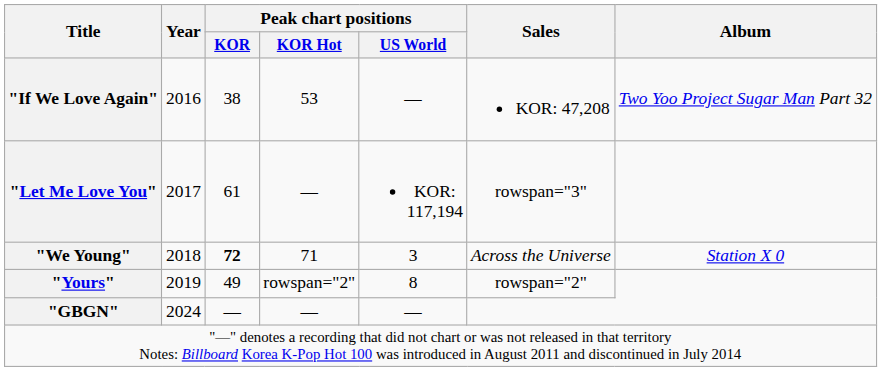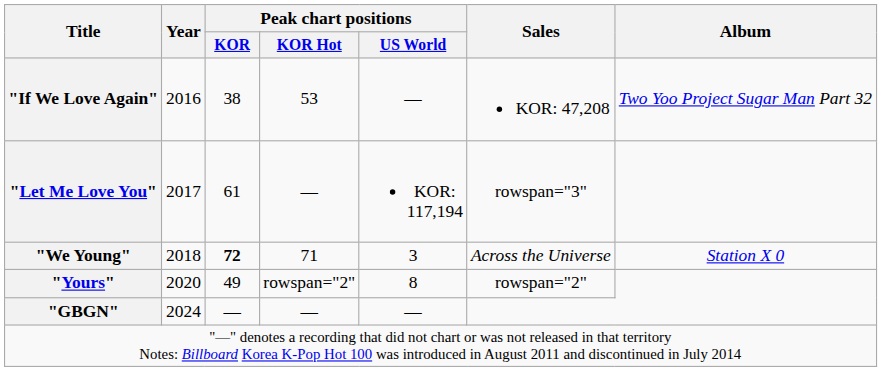 <table class="wikitable plainrowheaders" style="text-align:center">
 <tr>
 <th scope="col" rowspan="2">Title</th>
 <th scope="col" rowspan="2">Year</th>
 <th scope="col" colspan="3">Peak chart positions</th>
 <th scope="col" rowspan="2">Sales<br></th>
 <th scope="col" rowspan="2">Album</th>
 </tr>
 <tr>
 <th scope="col" style="font-size:90%; width:3em"><a href='#'>KOR</a><br></th>
 <th scope="col" style="font-size:90%; width:3em"><a href='#'>KOR Hot</a><br></th>
 <th scope="col" style="font-size:90%; width:3em"><a href='#'>US World</a><br></th>
 </tr>
 <tr>
 <th scope="row">"If We Love Again" </th>
 <td>2016</td>
 <td>38</td>
 <td>53</td>
 <td>—</td>
 <td><br><ul><li>KOR: 47,208</li></ul></td>
 <td><em><a href='#'>Two Yoo Project Sugar Man</a></em> <em>Part 32</em></td>
 </tr>
 <tr>
 <th scope="row">"<a href='#'>Let Me Love You</a>" </th>
 <td>2017</td>
 <td>61</td>
 <td>—</td>
 <td><br><ul><li>KOR: 117,194</li></ul></td>
 <td>rowspan="3" </td>
 </tr>
 <tr>
 <th scope="row">"We Young" </th>
 <td>2018</td>
 <td><strong>72</strong></td>
 <td>71</td>
 <td>3</td>
 <td><em>Across the Universe</em></td>
 <td><em><a href='#'>Station X 0</a></em></td>
 </tr>
 <tr>
 <th scope="row">"<a href='#'>Yours</a>" </th>
-<td>2019</td>
+<td>2020</td>
 <td>49</td>
 <td>rowspan="2" </td>
 <td>8</td>
 <td>rowspan="2" </td>
 </tr>
 <tr>
 <th scope="row">"GBGN" </th>
 <td>2024</td>
 <td>—</td>
 <td>—</td>
 <td>—</td>
 </tr>
 <tr>
 <td colspan="7" style="font-size:85%">"—" denotes a recording that did not chart or was not released in that territory<br>Notes: <em><a href='#'>Billboard</a></em> <a href='#'>Korea K-Pop Hot 100</a> was introduced in August 2011 and discontinued in July 2014</td>
 </tr>
 </table>
